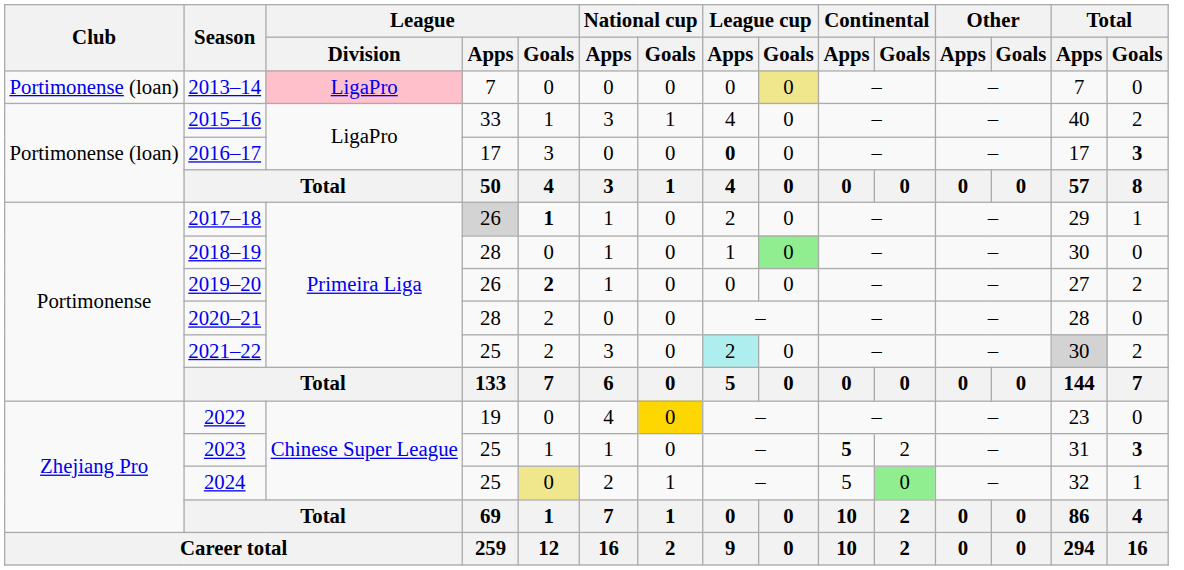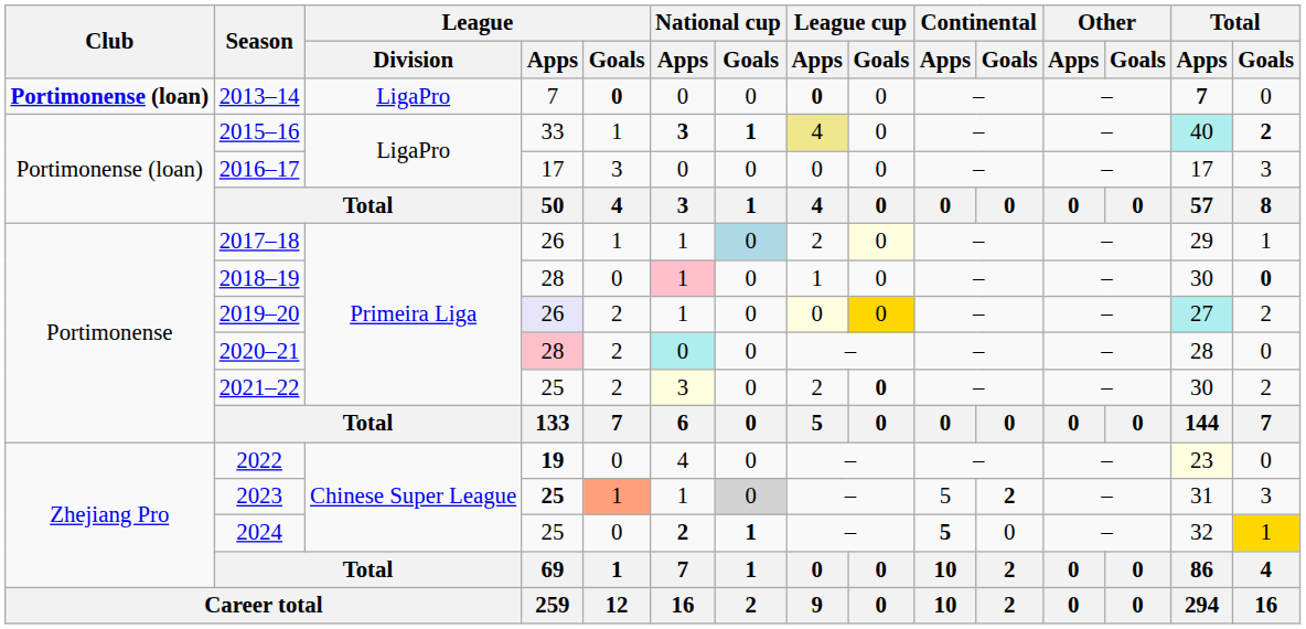 <table class="wikitable" style="text-align: center">
 <tr>
 <th rowspan="2">Club</th>
 <th rowspan="2">Season</th>
 <th colspan="3">League</th>
 <th colspan="2">National cup</th>
 <th colspan="2">League cup</th>
 <th colspan="2">Continental</th>
 <th colspan="2">Other</th>
 <th colspan="2">Total</th>
 </tr>
 <tr>
 <th>Division</th>
 <th>Apps</th>
 <th>Goals</th>
 <th>Apps</th>
 <th>Goals</th>
 <th>Apps</th>
 <th>Goals</th>
 <th>Apps</th>
 <th>Goals</th>
 <th>Apps</th>
 <th>Goals</th>
 <th>Apps</th>
 <th>Goals</th>
 </tr>
 <tr>
-<td><a href='#'>Portimonense</a> (loan)</td>
+<td><strong><a href='#'>Portimonense</a> (loan)</strong></td>
 <td><a href='#'>2013–14</a></td>
-<td style="background: pink;"><a href='#'>LigaPro</a></td>
+<td><a href='#'>LigaPro</a></td>
 <td>7</td>
+<td><strong>0</strong></td>
 <td>0</td>
 <td>0</td>
+<td><strong>0</strong></td>
 <td>0</td>
-<td>0</td>
-<td style="background: khaki;">0</td>
 <td colspan="2">–</td>
 <td colspan="2">–</td>
-<td>7</td>
+<td><strong>7</strong></td>
 <td>0</td>
 </tr>
 <tr>
 <td rowspan="3">Portimonense (loan)</td>
 <td><a href='#'>2015–16</a></td>
 <td rowspan="2">LigaPro</td>
 <td>33</td>
 <td>1</td>
-<td>3</td>
-<td>1</td>
-<td>4</td>
+<td><strong>3</strong></td>
+<td><strong>1</strong></td>
+<td style="background: khaki;">4</td>
 <td>0</td>
 <td colspan="2">–</td>
 <td colspan="2">–</td>
-<td>40</td>
-<td>2</td>
+<td style="background: paleturquoise;">40</td>
+<td><strong>2</strong></td>
 </tr>
 <tr>
 <td><a href='#'>2016–17</a></td>
 <td>17</td>
 <td>3</td>
 <td>0</td>
 <td>0</td>
-<td><strong>0</strong></td>
+<td>0</td>
 <td>0</td>
 <td colspan="2">–</td>
 <td colspan="2">–</td>
 <td>17</td>
-<td><strong>3</strong></td>
+<td>3</td>
 </tr>
 <tr>
 <th colspan="2">Total</th>
 <th>50</th>
 <th>4</th>
 <th>3</th>
 <th>1</th>
 <th>4</th>
 <th>0</th>
 <th>0</th>
 <th>0</th>
 <th>0</th>
 <th>0</th>
 <th>57</th>
 <th>8</th>
 </tr>
 <tr>
 <td rowspan="6">Portimonense</td>
 <td><a href='#'>2017–18</a></td>
 <td rowspan="5"><a href='#'>Primeira Liga</a></td>
-<td style="background: lightgrey;">26</td>
-<td><strong>1</strong></td>
+<td>26</td>
 <td>1</td>
-<td>0</td>
+<td>1</td>
+<td style="background: lightblue;">0</td>
 <td>2</td>
-<td>0</td>
+<td style="background: lightyellow;">0</td>
 <td colspan="2">–</td>
 <td colspan="2">–</td>
 <td>29</td>
 <td>1</td>
 </tr>
 <tr>
 <td><a href='#'>2018–19</a></td>
 <td>28</td>
 <td>0</td>
+<td style="background: pink;">1</td>
+<td>0</td>
 <td>1</td>
 <td>0</td>
-<td>1</td>
-<td style="background: lightgreen;">0</td>
 <td colspan="2">–</td>
 <td colspan="2">–</td>
 <td>30</td>
-<td>0</td>
+<td><strong>0</strong></td>
 </tr>
 <tr>
 <td><a href='#'>2019–20</a></td>
-<td>26</td>
-<td><strong>2</strong></td>
+<td style="background: lavender;">26</td>
+<td>2</td>
 <td>1</td>
 <td>0</td>
-<td>0</td>
-<td>0</td>
+<td style="background: lightyellow;">0</td>
+<td style="background: gold;">0</td>
 <td colspan="2">–</td>
 <td colspan="2">–</td>
-<td>27</td>
+<td style="background: paleturquoise;">27</td>
 <td>2</td>
 </tr>
 <tr>
 <td><a href='#'>2020–21</a></td>
-<td>28</td>
+<td style="background: pink;">28</td>
 <td>2</td>
-<td>0</td>
+<td style="background: paleturquoise;">0</td>
 <td>0</td>
 <td colspan="2">–</td>
 <td colspan="2">–</td>
 <td colspan="2">–</td>
 <td>28</td>
 <td>0</td>
 </tr>
 <tr>
 <td><a href='#'>2021–22</a></td>
 <td>25</td>
 <td>2</td>
-<td>3</td>
+<td style="background: lightyellow;">3</td>
 <td>0</td>
-<td style="background: paleturquoise;">2</td>
-<td>0</td>
+<td>2</td>
+<td><strong>0</strong></td>
 <td colspan="2">–</td>
 <td colspan="2">–</td>
-<td style="background: lightgrey;">30</td>
+<td>30</td>
 <td>2</td>
 </tr>
 <tr>
 <th colspan="2">Total</th>
 <th>133</th>
 <th>7</th>
 <th>6</th>
 <th>0</th>
 <th>5</th>
 <th>0</th>
 <th>0</th>
 <th>0</th>
 <th>0</th>
 <th>0</th>
 <th>144</th>
 <th>7</th>
 </tr>
 <tr>
 <td rowspan="4"><a href='#'>Zhejiang Pro</a></td>
 <td><a href='#'>2022</a></td>
 <td rowspan="3"><a href='#'>Chinese Super League</a></td>
-<td>19</td>
+<td><strong>19</strong></td>
 <td>0</td>
 <td>4</td>
-<td style="background: gold;">0</td>
+<td>0</td>
 <td colspan="2">–</td>
 <td colspan="2">–</td>
 <td colspan="2">–</td>
-<td>23</td>
+<td style="background: lightyellow;">23</td>
 <td>0</td>
 </tr>
 <tr>
 <td><a href='#'>2023</a></td>
-<td>25</td>
+<td><strong>25</strong></td>
+<td style="background: lightsalmon;">1</td>
 <td>1</td>
-<td>1</td>
-<td>0</td>
+<td style="background: lightgrey;">0</td>
 <td colspan="2">–</td>
-<td><strong>5</strong></td>
-<td>2</td>
+<td>5</td>
+<td><strong>2</strong></td>
 <td colspan="2">–</td>
 <td>31</td>
-<td><strong>3</strong></td>
+<td>3</td>
 </tr>
 <tr>
 <td><a href='#'>2024</a></td>
 <td>25</td>
-<td style="background: khaki;">0</td>
-<td>2</td>
-<td>1</td>
+<td>0</td>
+<td><strong>2</strong></td>
+<td><strong>1</strong></td>
 <td colspan="2">–</td>
-<td>5</td>
-<td style="background: lightgreen;">0</td>
+<td><strong>5</strong></td>
+<td>0</td>
 <td colspan="2">–</td>
 <td>32</td>
-<td>1</td>
+<td style="background: gold;">1</td>
 </tr>
 <tr>
 <th colspan="2">Total</th>
 <th>69</th>
 <th>1</th>
 <th>7</th>
 <th>1</th>
 <th>0</th>
 <th>0</th>
 <th>10</th>
 <th>2</th>
 <th>0</th>
 <th>0</th>
 <th>86</th>
 <th>4</th>
 </tr>
 <tr>
 <th colspan=3>Career total</th>
 <th>259</th>
 <th>12</th>
 <th>16</th>
 <th>2</th>
 <th>9</th>
 <th>0</th>
 <th>10</th>
 <th>2</th>
 <th>0</th>
 <th>0</th>
 <th>294</th>
 <th>16</th>
 </tr>
 </table>
